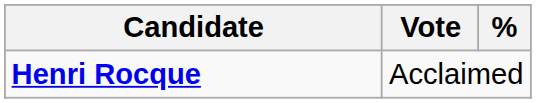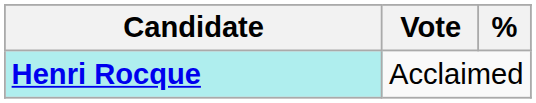 <table class="wikitable">
 <tr>
 <th bgcolor="#DDDDFF" width="200px">Candidate</th>
 <th bgcolor="#DDDDFF">Vote</th>
 <th bgcolor="#DDDDFF">%</th>
 </tr>
 <tr>
-<td><strong><a href='#'>Henri Rocque</a></strong></td>
+<td style="background: paleturquoise;"><strong><a href='#'>Henri Rocque</a></strong></td>
 <td colspan="2">Acclaimed</td>
 </tr>
 </table>
